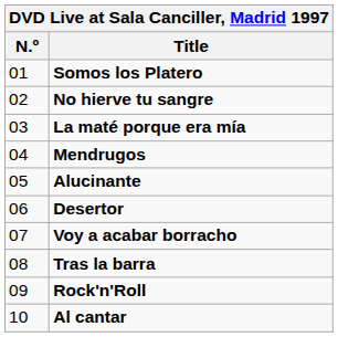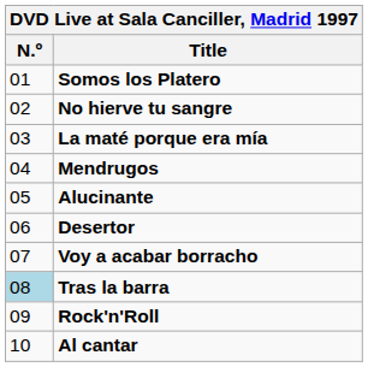 <table class="wikitable" align=center>
 <tr>
 <th colspan=2>DVD Live at Sala Canciller, <a href='#'>Madrid</a> 1997</th>
 </tr>
 <tr ---->
 <th>N.º</th>
 <th>Title</th>
 </tr>
 <tr ---->
 <td>01</td>
 <td><strong>Somos los Platero</strong></td>
 </tr>
 <tr ---->
 <td>02</td>
 <td><strong>No hierve tu sangre</strong></td>
 </tr>
 <tr ---->
 <td>03</td>
 <td><strong>La maté porque era mía</strong></td>
 </tr>
 <tr ---->
 <td>04</td>
 <td><strong>Mendrugos</strong></td>
 </tr>
 <tr ---->
 <td>05</td>
 <td><strong>Alucinante</strong></td>
 </tr>
 <tr ---->
 <td>06</td>
 <td><strong>Desertor</strong></td>
 </tr>
 <tr ---->
 <td>07</td>
 <td><strong>Voy a acabar borracho</strong></td>
 </tr>
 <tr ---->
-<td>08</td>
+<td style="background: lightblue;">08</td>
 <td><strong>Tras la barra</strong></td>
 </tr>
 <tr ---->
 <td>09</td>
 <td><strong>Rock'n'Roll</strong></td>
 </tr>
 <tr ---->
 <td>10</td>
 <td><strong>Al cantar</strong></td>
 </tr>
 </table>
